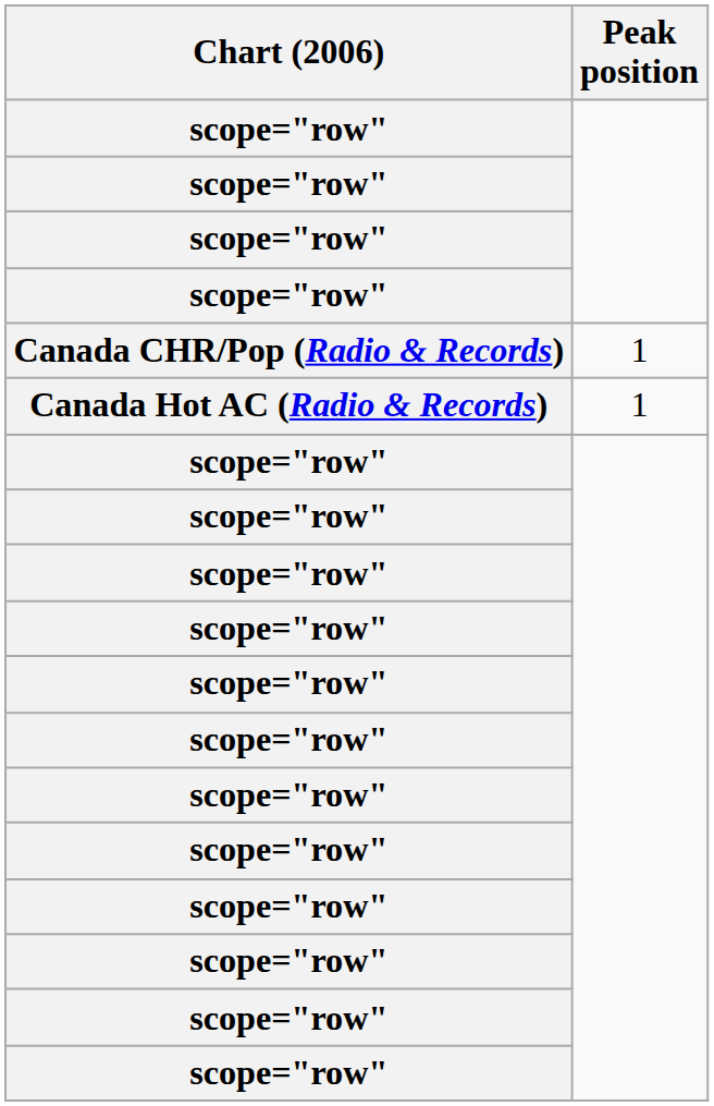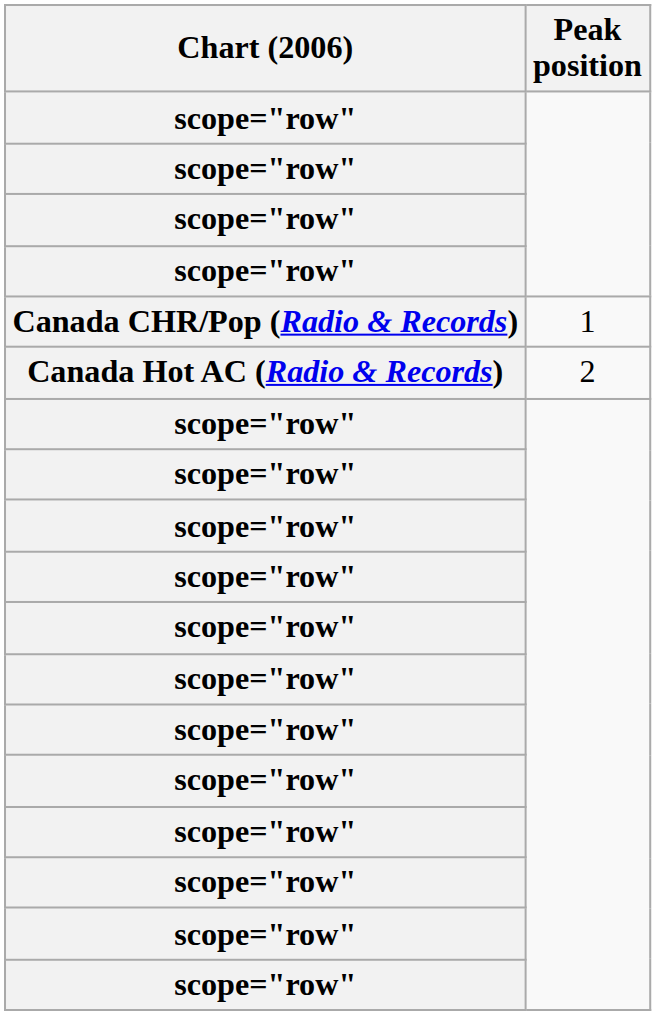 <table class="wikitable sortable plainrowheaders">
 <tr>
 <th>Chart (2006)</th>
 <th>Peak<br>position</th>
 </tr>
 <tr>
 <th>scope="row" </th>
 </tr>
 <tr>
 <th>scope="row" </th>
 </tr>
 <tr>
 <th>scope="row" </th>
 </tr>
 <tr>
 <th>scope="row" </th>
 </tr>
 <tr>
 <th scope="row">Canada CHR/Pop (<em><a href='#'>Radio & Records</a></em>)</th>
 <td align="center">1</td>
 </tr>
 <tr>
 <th scope="row">Canada Hot AC (<em><a href='#'>Radio & Records</a></em>)</th>
-<td align="center">1</td>
+<td align="center">2</td>
 </tr>
 <tr>
 <th>scope="row" </th>
 </tr>
 <tr>
 <th>scope="row" </th>
 </tr>
 <tr>
 <th>scope="row" </th>
 </tr>
 <tr>
 <th>scope="row" </th>
 </tr>
 <tr>
 <th>scope="row" </th>
 </tr>
 <tr>
 <th>scope="row" </th>
 </tr>
 <tr>
 <th>scope="row" </th>
 </tr>
 <tr>
 <th>scope="row" </th>
 </tr>
 <tr>
 <th>scope="row" </th>
 </tr>
 <tr>
 <th>scope="row" </th>
 </tr>
 <tr>
 <th>scope="row" </th>
 </tr>
 <tr>
 <th>scope="row" </th>
 </tr>
 </table>
